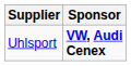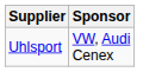 <table class="wikitable">
 <tr>
 <th>Supplier</th>
 <th>Sponsor</th>
 </tr>
 <tr>
 <td> <a href='#'>Uhlsport</a></td>
-<td><strong> <a href='#'>VW</a>,  <a href='#'>Audi</a><br> Cenex</strong></td>
+<td> <a href='#'>VW</a>,  <a href='#'>Audi</a><br> Cenex</td>
 </tr>
 </table>
